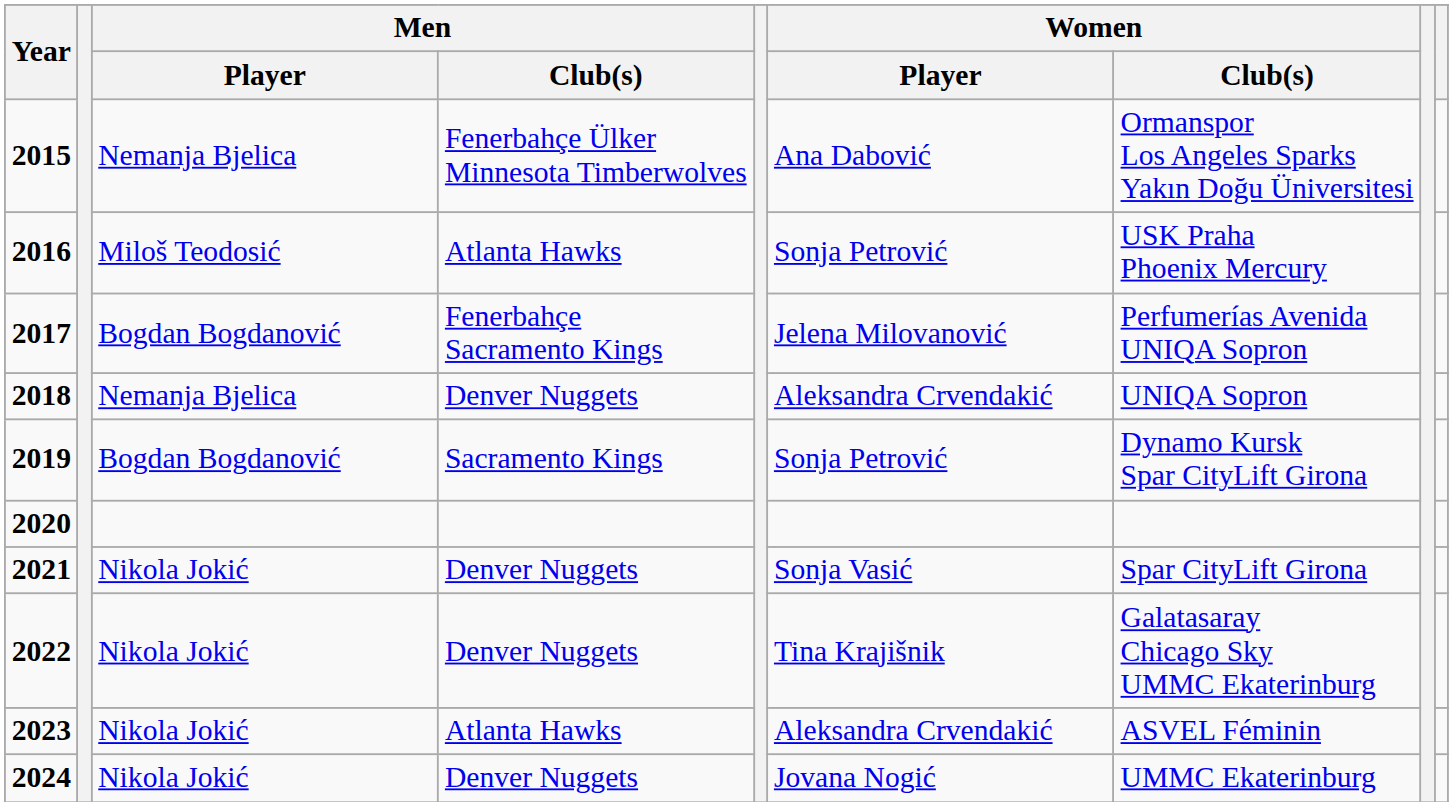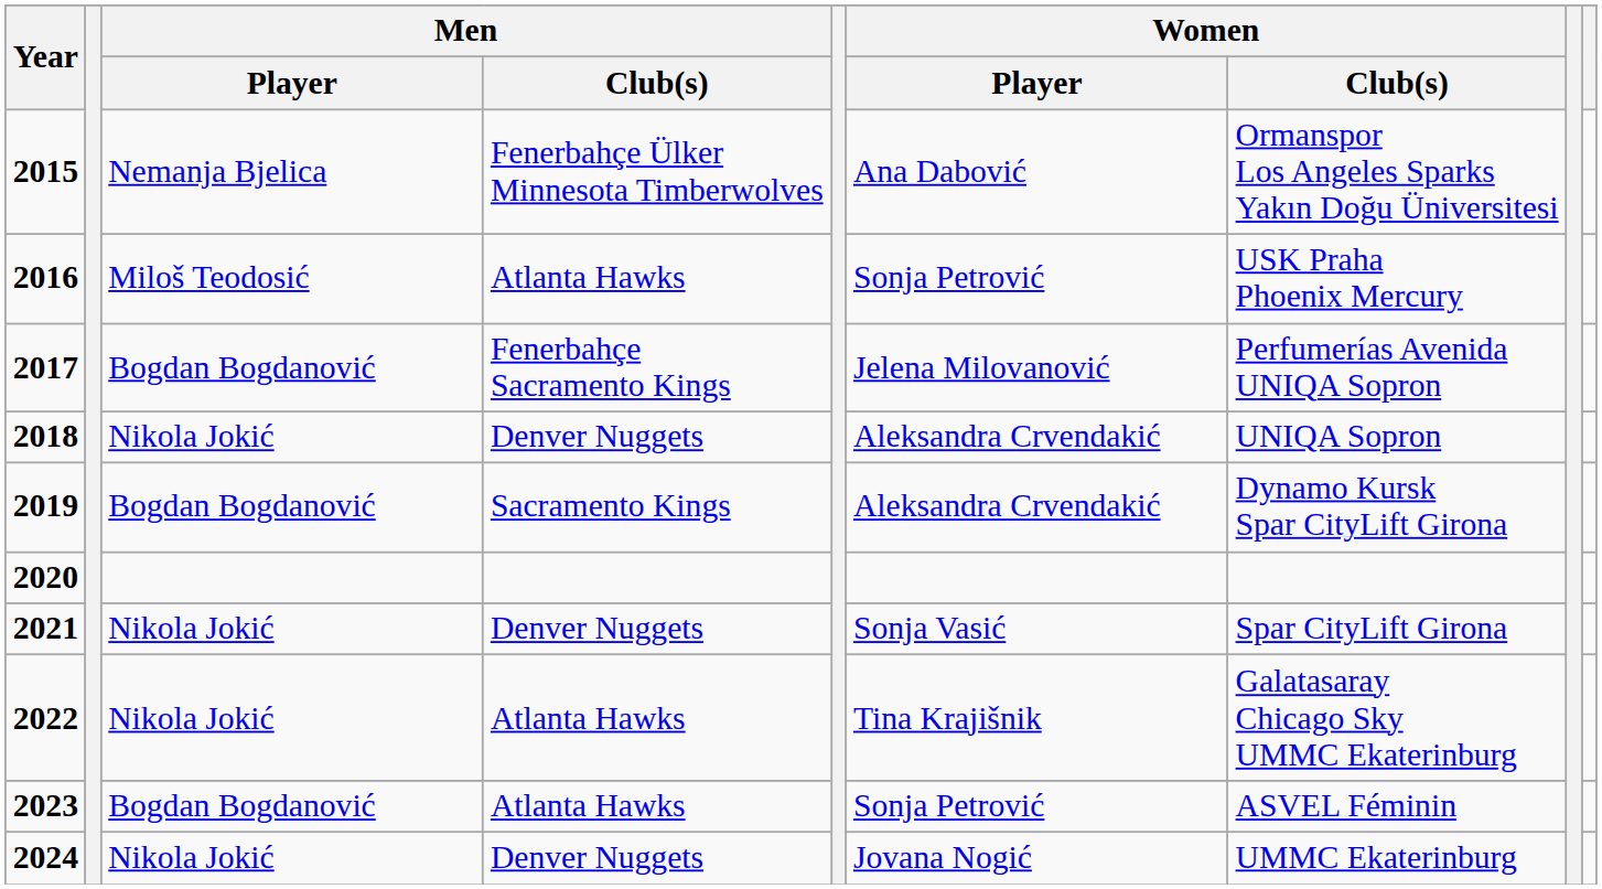 <table class="wikitable">
 <tr>
 <th rowspan=2>Year</th>
 <th rowspan=12></th>
 <th colspan=2>Men</th>
 <th rowspan=12></th>
 <th colspan=2>Women</th>
 <th rowspan=12></th>
 <th rowspan=2></th>
 </tr>
 <tr>
 <th style="width:180px">Player</th>
 <th>Club(s)</th>
 <th style="width:180px">Player</th>
 <th>Club(s)</th>
 </tr>
 <tr>
 <td style="text-align:center;"><strong>2015</strong></td>
 <td><a href='#'>Nemanja Bjelica</a></td>
 <td> <a href='#'>Fenerbahçe Ülker</a><br>  <a href='#'>Minnesota Timberwolves</a></td>
 <td><a href='#'>Ana Dabović</a></td>
 <td> <a href='#'>Ormanspor</a><br> <a href='#'>Los Angeles Sparks</a><br> <a href='#'>Yakın Doğu Üniversitesi</a></td>
 <td style="text-align:center;"></td>
 </tr>
 <tr>
 <td style="text-align:center;"><strong>2016</strong></td>
 <td><a href='#'>Miloš Teodosić</a></td>
 <td> <a href='#'>Atlanta Hawks</a></td>
 <td><a href='#'>Sonja Petrović</a></td>
 <td> <a href='#'>USK Praha</a><br> <a href='#'>Phoenix Mercury</a></td>
 <td style="text-align:center;"></td>
 </tr>
 <tr>
 <td style="text-align:center;"><strong>2017</strong></td>
 <td><a href='#'>Bogdan Bogdanović</a></td>
 <td> <a href='#'>Fenerbahçe</a><br>  <a href='#'>Sacramento Kings</a></td>
 <td><a href='#'>Jelena Milovanović</a></td>
 <td> <a href='#'>Perfumerías Avenida</a><br> <a href='#'>UNIQA Sopron</a></td>
 <td style="text-align:center;"></td>
 </tr>
 <tr>
 <td style="text-align:center;"><strong>2018</strong></td>
-<td><a href='#'>Nemanja Bjelica</a></td>
+<td><a href='#'>Nikola Jokić</a></td>
 <td> <a href='#'>Denver Nuggets</a></td>
 <td><a href='#'>Aleksandra Crvendakić</a></td>
 <td> <a href='#'>UNIQA Sopron</a></td>
 <td style="text-align:center;"></td>
 </tr>
 <tr>
 <td style="text-align:center;"><strong>2019</strong></td>
 <td><a href='#'>Bogdan Bogdanović</a></td>
 <td> <a href='#'>Sacramento Kings</a></td>
-<td><a href='#'>Sonja Petrović</a></td>
+<td><a href='#'>Aleksandra Crvendakić</a></td>
 <td> <a href='#'>Dynamo Kursk</a><br> <a href='#'>Spar CityLift Girona</a></td>
 <td style="text-align:center;"></td>
 </tr>
 <tr>
 <td style="text-align:center;"><strong>2020</strong></td>
 <td></td>
 <td></td>
 <td></td>
 <td></td>
 <td></td>
 </tr>
 <tr>
 <td style="text-align:center;"><strong>2021</strong></td>
 <td><a href='#'>Nikola Jokić</a></td>
 <td> <a href='#'>Denver Nuggets</a></td>
 <td><a href='#'>Sonja Vasić</a></td>
 <td> <a href='#'>Spar CityLift Girona</a></td>
 <td style="text-align:center;"></td>
 </tr>
 <tr>
 <td style="text-align:center;"><strong>2022</strong></td>
 <td><a href='#'>Nikola Jokić</a></td>
-<td> <a href='#'>Denver Nuggets</a></td>
+<td> <a href='#'>Atlanta Hawks</a></td>
 <td><a href='#'>Tina Krajišnik</a></td>
 <td> <a href='#'>Galatasaray</a><br> <a href='#'>Chicago Sky</a><br> <a href='#'>UMMC Ekaterinburg</a></td>
 <td style="text-align:center;"></td>
 </tr>
 <tr>
 <td style="text-align:center;"><strong>2023</strong></td>
-<td><a href='#'>Nikola Jokić</a></td>
+<td><a href='#'>Bogdan Bogdanović</a></td>
 <td> <a href='#'>Atlanta Hawks</a></td>
-<td><a href='#'>Aleksandra Crvendakić</a></td>
+<td><a href='#'>Sonja Petrović</a></td>
 <td> <a href='#'>ASVEL Féminin</a></td>
 <td style="text-align:center;"></td>
 </tr>
 <tr>
 <td style="text-align:center;"><strong>2024</strong></td>
 <td><a href='#'>Nikola Jokić</a></td>
 <td> <a href='#'>Denver Nuggets</a></td>
 <td><a href='#'>Jovana Nogić</a></td>
 <td> <a href='#'>UMMC Ekaterinburg</a></td>
 <td style="text-align:center;"></td>
 </tr>
 </table>
